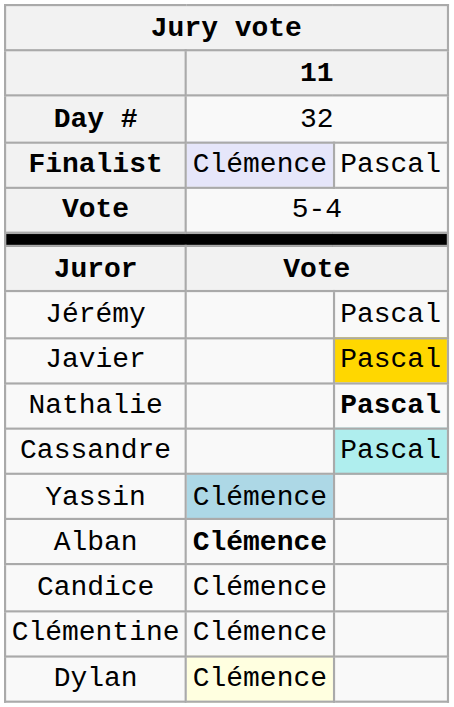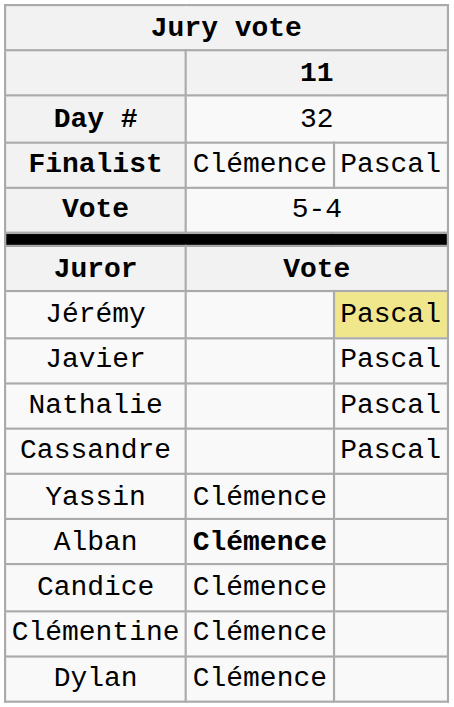 <table class="wikitable" style="text-align:center">
 <tr>
 <th colspan=3>Jury vote</th>
 </tr>
 <tr>
 <th></th>
 <th colspan="2">11</th>
 </tr>
 <tr>
 <th>Day #</th>
 <td colspan="2">32</td>
 </tr>
 <tr>
 <th>Finalist</th>
-<td style="background: lavender;">Clémence</td>
+<td>Clémence</td>
 <td>Pascal</td>
 </tr>
 <tr>
 <th>Vote</th>
 <td colspan=2>5-4</td>
 </tr>
 <tr>
 <td colspan=13 bgcolor=black></td>
 </tr>
 <tr>
 <th>Juror</th>
 <th colspan=2>Vote</th>
 </tr>
 <tr>
 <td>Jérémy</td>
 <td></td>
-<td>Pascal</td>
+<td style="background: khaki;">Pascal</td>
 </tr>
 <tr>
 <td>Javier</td>
 <td></td>
-<td style="background: gold;">Pascal</td>
+<td>Pascal</td>
 </tr>
 <tr>
 <td>Nathalie</td>
 <td></td>
-<td><strong>Pascal</strong></td>
+<td>Pascal</td>
 </tr>
 <tr>
 <td>Cassandre</td>
 <td></td>
-<td style="background: paleturquoise;">Pascal</td>
+<td>Pascal</td>
 </tr>
 <tr>
 <td>Yassin</td>
-<td style="background: lightblue;">Clémence</td>
+<td>Clémence</td>
 <td></td>
 </tr>
 <tr>
 <td>Alban</td>
 <td><strong>Clémence</strong></td>
 <td></td>
 </tr>
 <tr>
 <td>Candice</td>
 <td>Clémence</td>
 <td></td>
 </tr>
 <tr>
 <td>Clémentine</td>
 <td>Clémence</td>
 <td></td>
 </tr>
 <tr>
 <td>Dylan</td>
-<td style="background: lightyellow;">Clémence</td>
+<td>Clémence</td>
 <td></td>
 </tr>
 </table>
